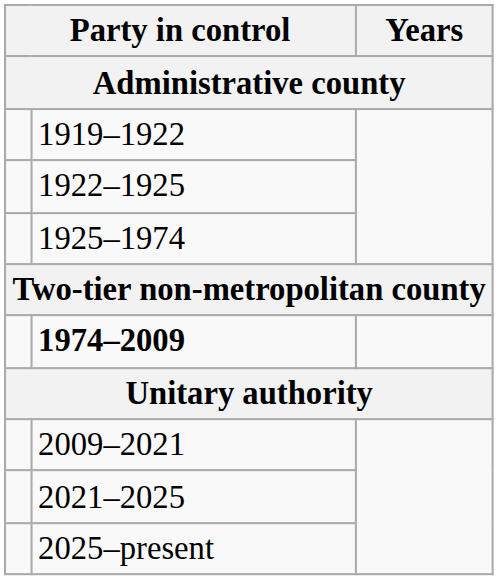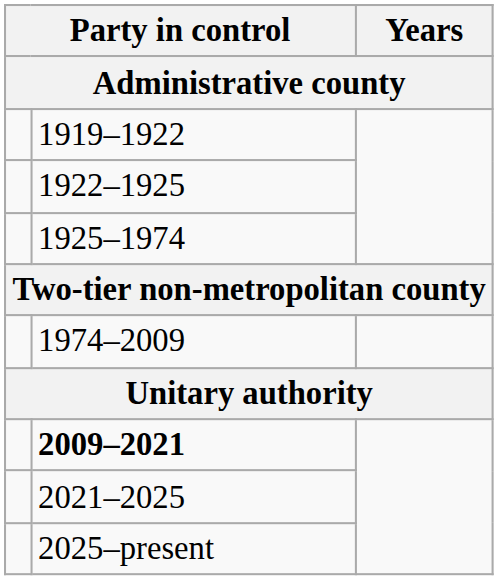 <table class="wikitable">
 <tr>
 <th colspan="2">Party in control</th>
 <th>Years</th>
 </tr>
 <tr>
 <th colspan=3>Administrative county</th>
 </tr>
 <tr>
 <td></td>
 <td>1919–1922</td>
 </tr>
 <tr>
 <td></td>
 <td>1922–1925</td>
 </tr>
 <tr>
 <td></td>
 <td>1925–1974</td>
 </tr>
 <tr>
 <th colspan=3>Two-tier non-metropolitan county</th>
 </tr>
 <tr>
 <td></td>
-<td><strong>1974–2009</strong></td>
+<td>1974–2009</td>
 </tr>
 <tr>
 <th colspan=3>Unitary authority</th>
 </tr>
 <tr>
 <td></td>
-<td>2009–2021</td>
+<td><strong>2009–2021</strong></td>
 </tr>
 <tr>
 <td></td>
 <td>2021–2025</td>
 </tr>
 <tr>
 <td></td>
 <td>2025–present</td>
 </tr>
 </table>
